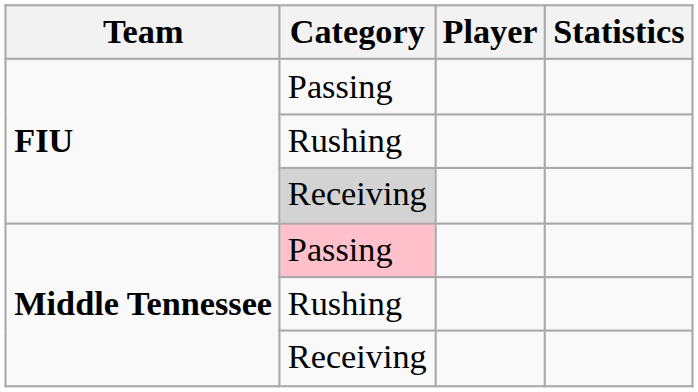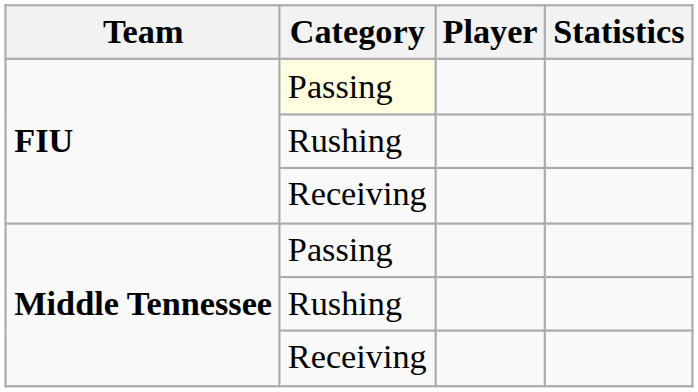 <table class="wikitable" style="float: right;">
 <tr>
 <th>Team</th>
 <th>Category</th>
 <th>Player</th>
 <th>Statistics</th>
 </tr>
 <tr>
 <td rowspan=3><strong>FIU</strong></td>
-<td>Passing</td>
+<td style="background: lightyellow;">Passing</td>
 <td></td>
 <td></td>
 </tr>
 <tr>
 <td>Rushing</td>
 <td></td>
 <td></td>
 </tr>
 <tr>
-<td style="background: lightgrey;">Receiving</td>
+<td>Receiving</td>
 <td></td>
 <td></td>
 </tr>
 <tr>
 <td rowspan=3><strong>Middle Tennessee</strong></td>
-<td style="background: pink;">Passing</td>
+<td>Passing</td>
 <td></td>
 <td></td>
 </tr>
 <tr>
 <td>Rushing</td>
 <td></td>
 <td></td>
 </tr>
 <tr>
 <td>Receiving</td>
 <td></td>
 <td></td>
 </tr>
 </table>
